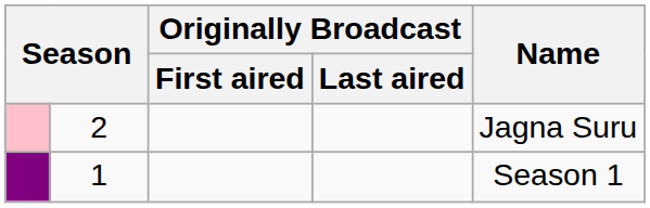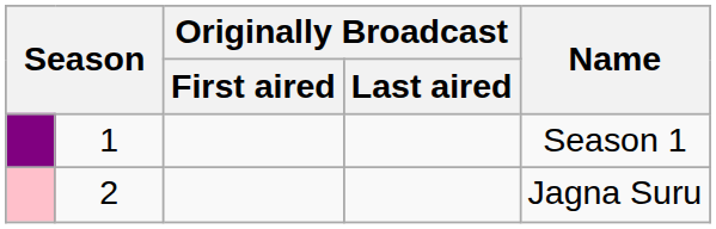 <table class="wikitable" style="text-align:center">
 <tr>
 <th style="padding: 0 8px" colspan="2" rowspan="2">Season</th>
 <th colspan="2">Originally Broadcast</th>
 <th style="padding: 0 8px" rowspan="2">Name</th>
 </tr>
 <tr>
 <th style="padding: 1 8px">First aired</th>
 <th style="padding: 1 8px">Last aired</th>
 </tr>
 <tr>
+<td style="background:Purple"></td>
+<td align="center">1</td>
+<td align="center"></td>
+<td align="center"></td>
+<td align="center">Season 1</td>
+</tr>
+<tr>
 <td style="background:Pink"></td>
 <td align="center">2</td>
 <td align="center"></td>
 <td align="center"></td>
 <td align="center">Jagna Suru</td>
 </tr>
-<tr>
-<td style="background:Purple"></td>
-<td align="center">1</td>
-<td align="center"></td>
-<td align="center"></td>
-<td align="center">Season 1</td>
-</tr>
 </table>
